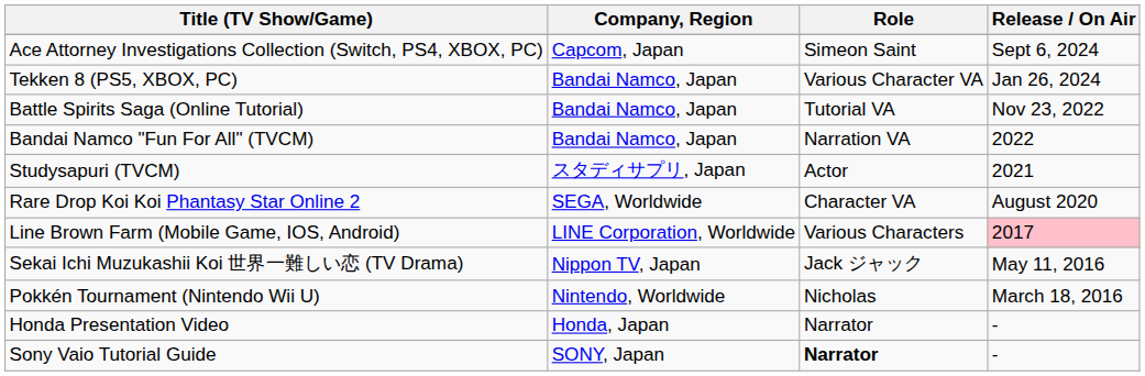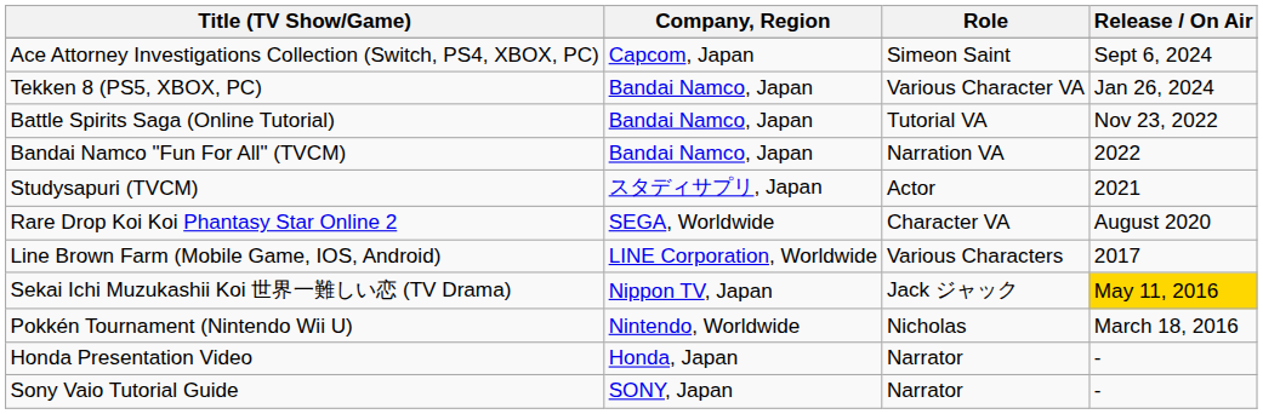 <table class="wikitable" border="1">
 <tr>
 <th>Title (TV Show/Game)</th>
 <th>Company, Region</th>
 <th>Role</th>
 <th>Release / On Air</th>
 </tr>
 <tr>
 </tr>
 <tr>
 <td>Ace Attorney Investigations Collection (Switch, PS4, XBOX, PC)</td>
 <td><a href='#'>Capcom</a>, Japan</td>
 <td>Simeon Saint</td>
 <td>Sept 6, 2024</td>
 </tr>
 <tr>
 <td>Tekken 8 (PS5, XBOX, PC)</td>
 <td><a href='#'>Bandai Namco</a>, Japan</td>
 <td>Various Character VA</td>
 <td>Jan 26, 2024</td>
 </tr>
 <tr>
 <td>Battle Spirits Saga (Online Tutorial)</td>
 <td><a href='#'>Bandai Namco</a>, Japan</td>
 <td>Tutorial VA</td>
 <td>Nov 23, 2022</td>
 </tr>
 <tr>
 <td>Bandai Namco "Fun For All" (TVCM)</td>
 <td><a href='#'>Bandai Namco</a>, Japan</td>
 <td>Narration VA</td>
 <td>2022</td>
 </tr>
 <tr>
 <td>Studysapuri (TVCM)</td>
 <td><a href='#'>スタディサプリ</a>, Japan</td>
 <td>Actor</td>
 <td>2021</td>
 </tr>
 <tr>
 <td>Rare Drop Koi Koi <a href='#'>Phantasy Star Online 2</a></td>
 <td><a href='#'>SEGA</a>, Worldwide</td>
 <td>Character VA</td>
 <td>August 2020</td>
 </tr>
 <tr>
 <td>Line Brown Farm (Mobile Game, IOS, Android)</td>
 <td><a href='#'>LINE Corporation</a>, Worldwide</td>
 <td>Various Characters</td>
-<td style="background: pink;">2017</td>
+<td>2017</td>
 </tr>
 <tr>
 <td>Sekai Ichi Muzukashii Koi 世界一難しい恋 (TV Drama)</td>
 <td><a href='#'>Nippon TV</a>, Japan</td>
 <td>Jack ジャック</td>
-<td>May 11, 2016</td>
+<td style="background: gold;">May 11, 2016</td>
 </tr>
 <tr>
 <td>Pokkén Tournament (Nintendo Wii U)</td>
 <td><a href='#'>Nintendo</a>, Worldwide</td>
 <td>Nicholas</td>
 <td>March 18, 2016</td>
 </tr>
 <tr>
 <td>Honda Presentation Video</td>
 <td><a href='#'>Honda</a>, Japan</td>
 <td>Narrator</td>
 <td>-</td>
 </tr>
 <tr>
 <td>Sony Vaio Tutorial Guide</td>
 <td><a href='#'>SONY</a>, Japan</td>
-<td><strong>Narrator</strong></td>
+<td>Narrator</td>
 <td>-</td>
 </tr>
 </table>
